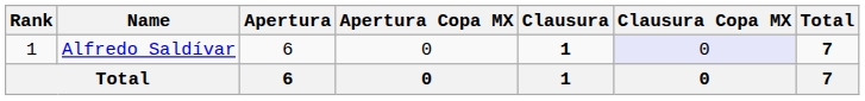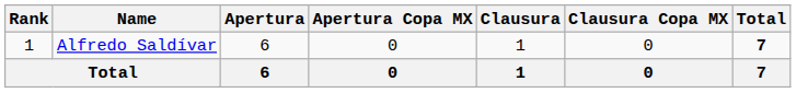 <table class="wikitable" style="text-align: center;">
 <tr>
 <th>Rank</th>
 <th>Name</th>
 <th>Apertura</th>
 <th>Apertura Copa MX</th>
 <th>Clausura</th>
 <th>Clausura Copa MX</th>
 <th>Total</th>
 </tr>
 <tr>
 <td>1</td>
 <td align=left> <a href='#'>Alfredo Saldívar</a></td>
 <td>6</td>
 <td>0</td>
-<td><strong>1</strong></td>
-<td style="background: lavender;">0</td>
+<td>1</td>
+<td>0</td>
 <td><strong>7</strong></td>
 </tr>
 <tr>
 <th colspan=2>Total</th>
 <th>6</th>
 <th>0</th>
 <th>1</th>
 <th>0</th>
 <th>7</th>
 </tr>
 </table>
